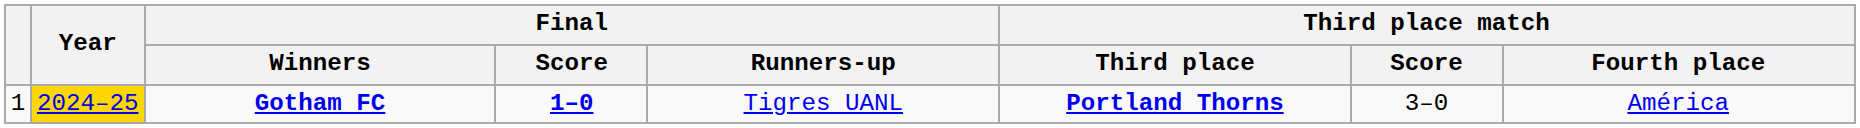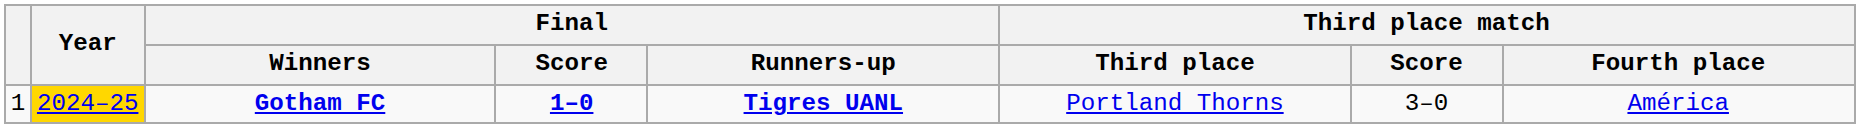 <table class="wikitable sortable" style="font-size:93%; text-align:center; width:;">
 <tr>
 <th rowspan=2 style= "width:;"></th>
 <th rowspan=2 style= "width:;">Year</th>
 <th colspan=3>Final</th>
 <th colspan=3>Third place match</th>
 </tr>
 <tr>
 <th width= 170px>Winners</th>
 <th width= 70px>Score</th>
 <th width= 170px>Runners-up</th>
 <th width= 170px>Third place</th>
 <th width= 70px>Score</th>
 <th width= 170px>Fourth place</th>
 </tr>
 <tr>
 <td>1</td>
 <td style="background: gold;"><a href='#'>2024–25</a></td>
 <td> <strong><a href='#'>Gotham FC</a></strong></td>
 <td><strong><a href='#'>1–0</a></strong></td>
-<td> <a href='#'>Tigres UANL</a></td>
-<td><strong> <a href='#'>Portland Thorns</a></strong></td>
+<td><strong> <a href='#'>Tigres UANL</a></strong></td>
+<td> <a href='#'>Portland Thorns</a></td>
 <td>3–0</td>
 <td> <a href='#'>América</a></td>
 </tr>
 </table>
